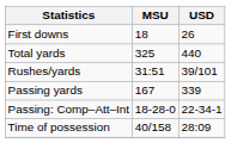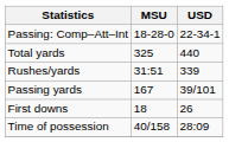 <table class="wikitable" style="float: left;">
 <tr>
 <th>Statistics</th>
 <th>MSU</th>
 <th>USD</th>
 </tr>
 <tr>
-<td>First downs</td>
-<td>18</td>
-<td>26</td>
+<td>Passing: Comp–Att–Int</td>
+<td>18-28-0</td>
+<td>22-34-1</td>
 </tr>
 <tr>
 <td>Total yards</td>
 <td>325</td>
 <td>440</td>
 </tr>
 <tr>
 <td>Rushes/yards</td>
 <td>31:51</td>
-<td>39/101</td>
+<td>339</td>
 </tr>
 <tr>
 <td>Passing yards</td>
 <td>167</td>
-<td>339</td>
+<td>39/101</td>
 </tr>
 <tr>
-<td>Passing: Comp–Att–Int</td>
-<td>18-28-0</td>
-<td>22-34-1</td>
+<td>First downs</td>
+<td>18</td>
+<td>26</td>
 </tr>
 <tr>
 <td>Time of possession</td>
 <td>40/158</td>
 <td>28:09</td>
 </tr>
 <tr>
 </tr>
 </table>
